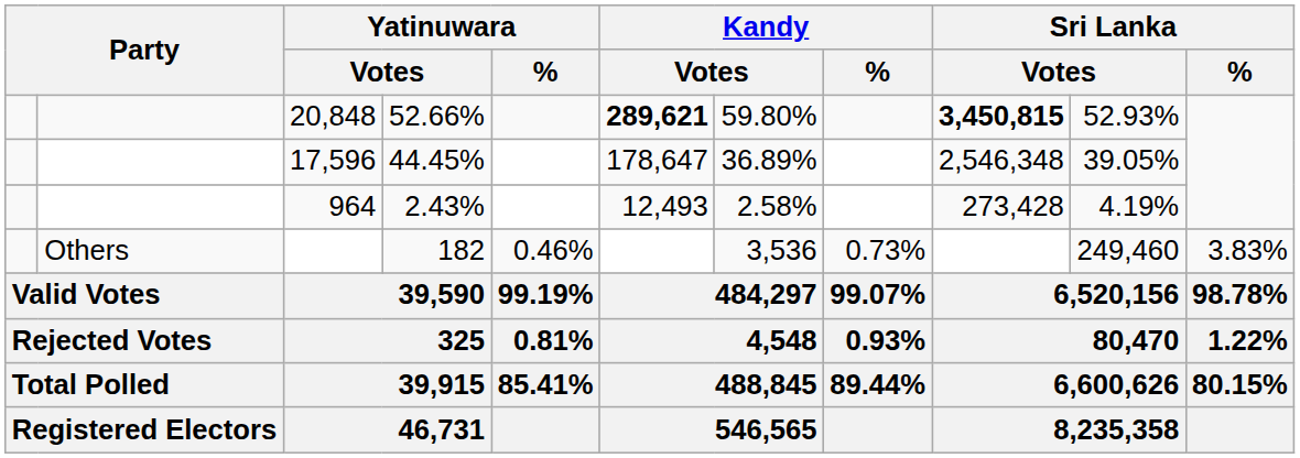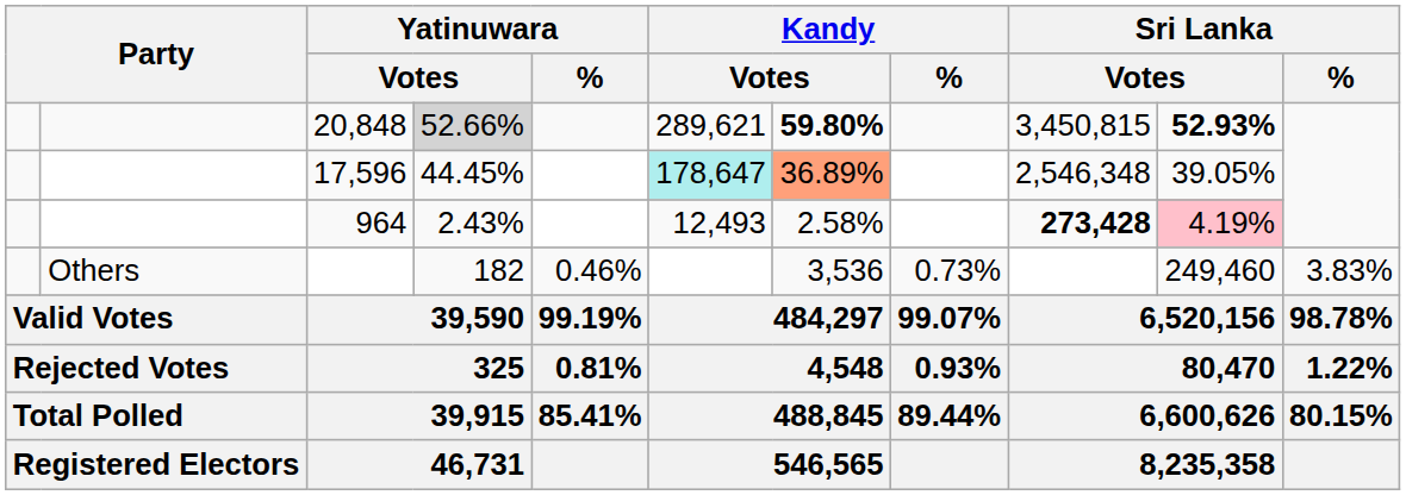 <table class="wikitable">
 <tr>
 <th colspan="2" rowspan="2">Party</th>
 <th colspan="3">Yatinuwara</th>
 <th colspan="3"><a href='#'>Kandy</a></th>
 <th colspan="3">Sri Lanka</th>
 </tr>
 <tr>
 <th colspan="2">Votes</th>
 <th>%</th>
 <th colspan="2">Votes</th>
 <th>%</th>
 <th colspan="2">Votes</th>
 <th>%</th>
 </tr>
 <tr>
 <td></td>
 <td style="background-color:"></td>
 <td style="text-align:right;">20,848</td>
-<td style="text-align:right;">52.66%</td>
+<td style="background: lightgrey; text-align:right;">52.66%</td>
 <td style="background-color:"></td>
-<td style="text-align:right;"><strong>289,621</strong></td>
-<td style="text-align:right;">59.80%</td>
+<td style="text-align:right;">289,621</td>
+<td style="text-align:right;"><strong>59.80%</strong></td>
 <td style="background-color:"></td>
-<td style="text-align:right;"><strong>3,450,815</strong></td>
-<td style="text-align:right;">52.93%</td>
+<td style="text-align:right;">3,450,815</td>
+<td style="text-align:right;"><strong>52.93%</strong></td>
 </tr>
 <tr>
 <td></td>
 <td style="background-color:white;"></td>
 <td style="text-align:right;">17,596</td>
 <td style="text-align:right;">44.45%</td>
 <td style="background-color:white;"></td>
-<td style="text-align:right;">178,647</td>
-<td style="text-align:right;">36.89%</td>
+<td style="background: paleturquoise; text-align:right;">178,647</td>
+<td style="background: lightsalmon; text-align:right;">36.89%</td>
 <td style="background-color:white;"></td>
 <td style="text-align:right;">2,546,348</td>
 <td style="text-align:right;">39.05%</td>
 </tr>
 <tr>
 <td></td>
 <td style="background-color:white;"></td>
 <td style="text-align:right;">964</td>
 <td style="text-align:right;">2.43%</td>
 <td style="background-color:white;"></td>
 <td style="text-align:right;">12,493</td>
 <td style="text-align:right;">2.58%</td>
 <td style="background-color:white;"></td>
-<td style="text-align:right;">273,428</td>
-<td style="text-align:right;">4.19%</td>
+<td style="text-align:right;"><strong>273,428</strong></td>
+<td style="background: pink; text-align:right;">4.19%</td>
 </tr>
 <tr>
 <td style="background-color:"></td>
 <td style="text-align:left;">Others</td>
 <td style="background-color:white;"></td>
 <td style="text-align:right;">182</td>
 <td style="text-align:right;">0.46%</td>
 <td style="background-color:white;"></td>
 <td style="text-align:right;">3,536</td>
 <td style="text-align:right;">0.73%</td>
 <td style="background-color:white;"></td>
 <td style="text-align:right;">249,460</td>
 <td style="text-align:right;">3.83%</td>
 </tr>
 <tr>
 <th colspan="2" style="text-align:left;">Valid Votes</th>
 <th style="text-align:right;"colspan="2">39,590</th>
 <th style="text-align:right;">99.19%</th>
 <th style="text-align:right;"colspan="2">484,297</th>
 <th style="text-align:right;">99.07%</th>
 <th style="text-align:right;"colspan="2">6,520,156</th>
 <th style="text-align:right;">98.78%</th>
 </tr>
 <tr>
 <th colspan="2" style="text-align:left;">Rejected Votes</th>
 <th style="text-align:right;"colspan="2">325</th>
 <th style="text-align:right;">0.81%</th>
 <th style="text-align:right;"colspan="2">4,548</th>
 <th style="text-align:right;">0.93%</th>
 <th style="text-align:right;"colspan="2">80,470</th>
 <th style="text-align:right;">1.22%</th>
 </tr>
 <tr>
 <th colspan="2" style="text-align:left;">Total Polled</th>
 <th style="text-align:right;"colspan="2">39,915</th>
 <th style="text-align:right;">85.41%</th>
 <th style="text-align:right;"colspan="2">488,845</th>
 <th style="text-align:right;">89.44%</th>
 <th style="text-align:right;"colspan="2">6,600,626</th>
 <th style="text-align:right;">80.15%</th>
 </tr>
 <tr>
 <th colspan="2" style="text-align:left;">Registered Electors</th>
 <th style="text-align:right;"colspan="2">46,731</th>
 <th></th>
 <th style="text-align:right;"colspan="2">546,565</th>
 <th></th>
 <th style="text-align:right;"colspan="2">8,235,358</th>
 <th></th>
 </tr>
 </table>
